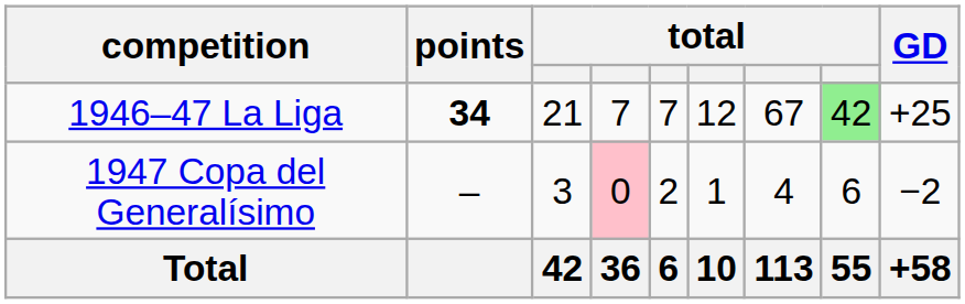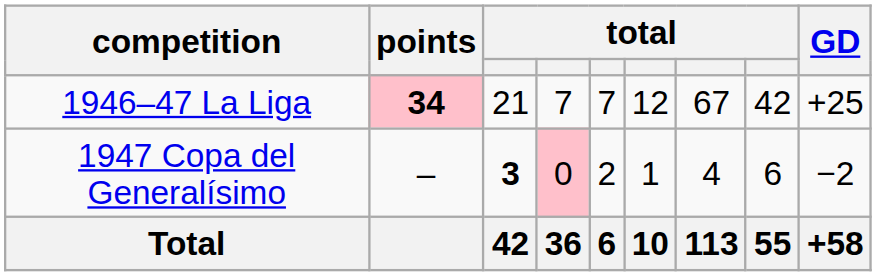 <table class="wikitable" style="font-size:90%;width:60%;float:left;text-align:center;">
 <tr>
 <th rowspan="2">competition</th>
 <th rowspan="2">points</th>
 <th colspan="6">total</th>
 <th rowspan="2"><a href='#'>GD</a></th>
 </tr>
 <tr>
 <th></th>
 <th></th>
 <th></th>
 <th></th>
 <th></th>
 <th></th>
 </tr>
 <tr>
 <td><a href='#'>1946–47 La Liga</a></td>
-<td><strong>34</strong></td>
+<td style="background: pink;"><strong>34</strong></td>
 <td>21</td>
 <td>7</td>
 <td>7</td>
 <td>12</td>
 <td>67</td>
-<td style="background: lightgreen;">42</td>
+<td>42</td>
 <td>+25</td>
 </tr>
 <tr>
 <td><a href='#'>1947 Copa del Generalísimo</a></td>
 <td>–</td>
-<td>3</td>
+<td><strong>3</strong></td>
 <td style="background: pink;">0</td>
 <td>2</td>
 <td>1</td>
 <td>4</td>
 <td>6</td>
 <td>−2</td>
 </tr>
 <tr>
 <th>Total</th>
 <th></th>
 <th>42</th>
 <th>36</th>
 <th>6</th>
 <th>10</th>
 <th>113</th>
 <th>55</th>
 <th>+58</th>
 </tr>
 </table>
